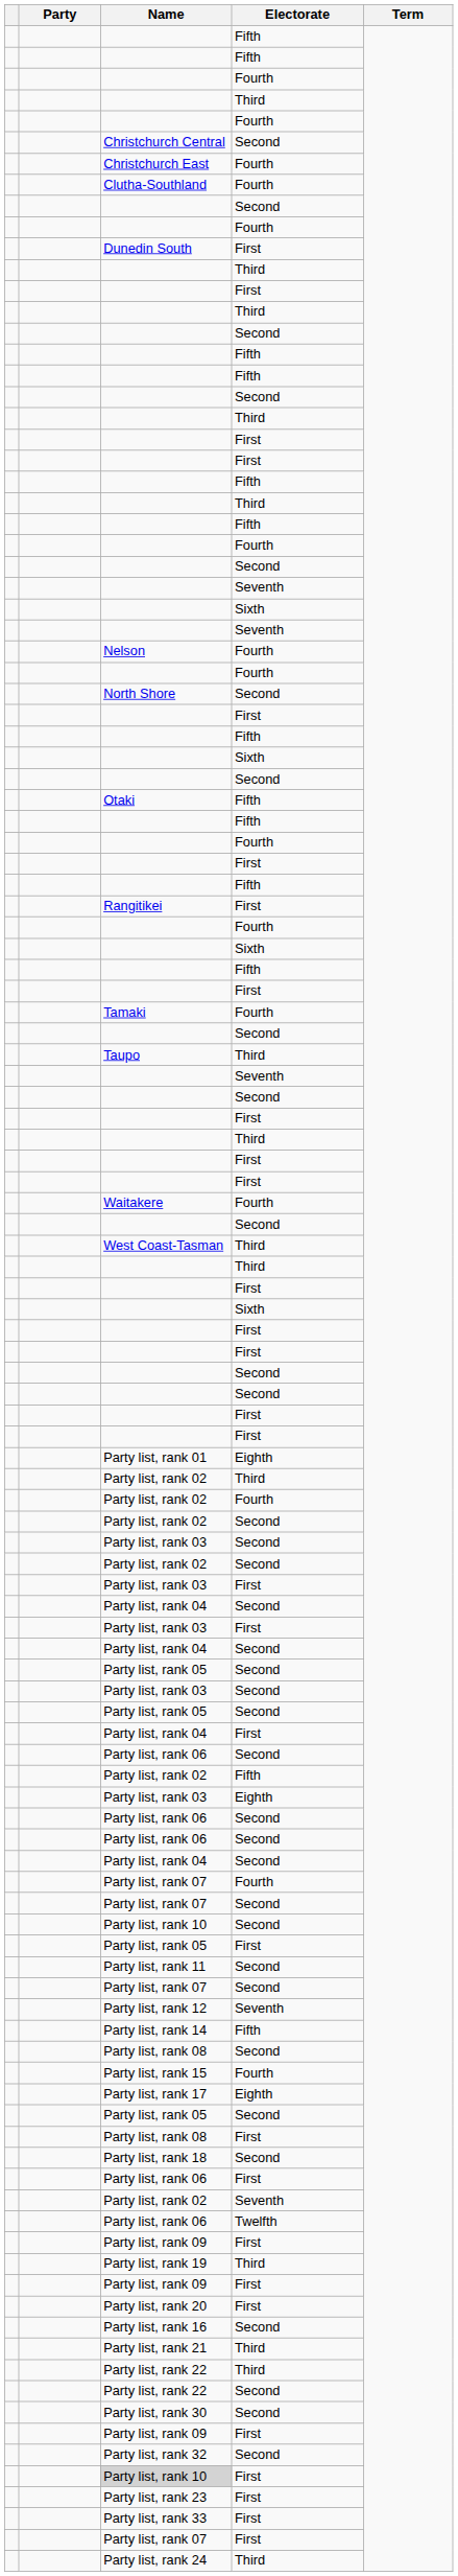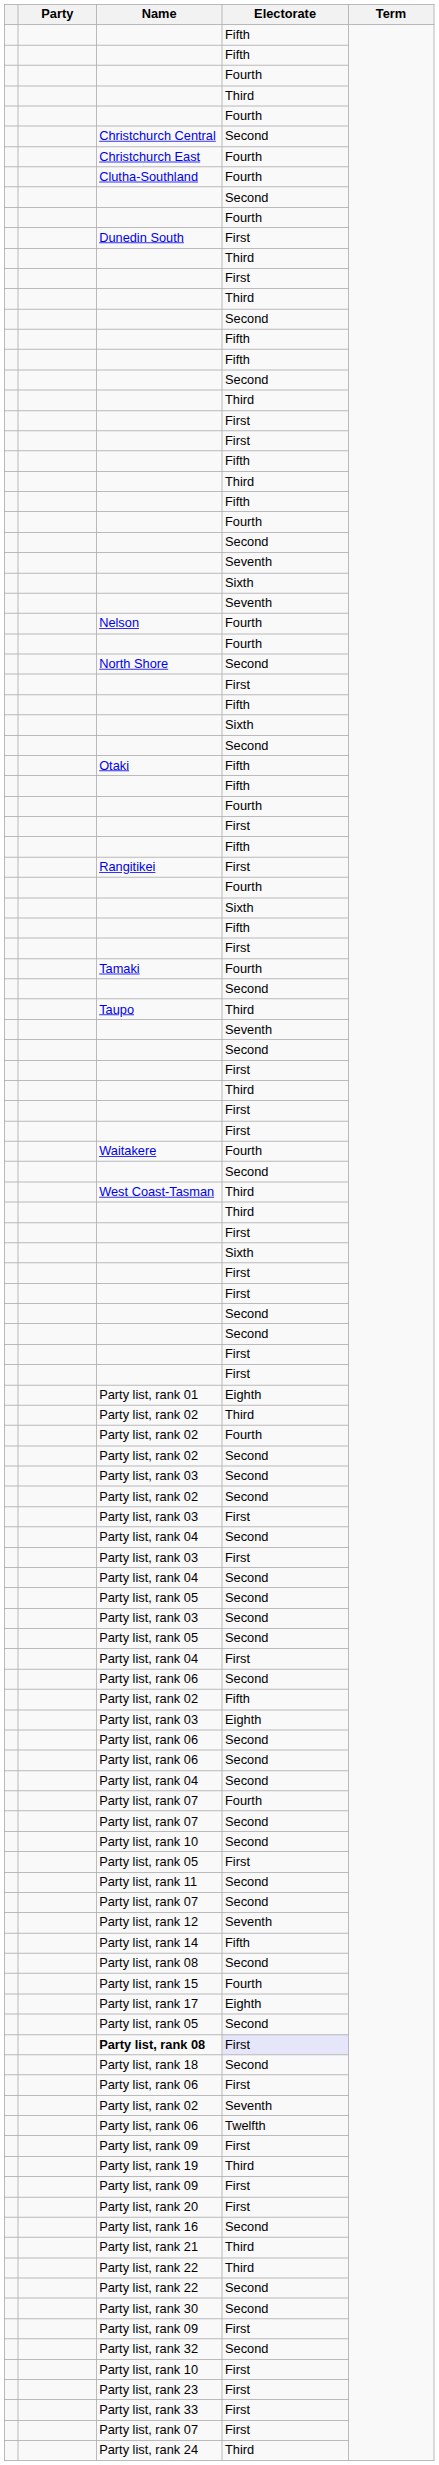 <table class="wikitable sortable">
 <tr>
 <th width=10  class=unsortable></th>
 <th width=90>Party</th>
 <th width=150>Name</th>
 <th width=150>Electorate</th>
 <th width=100>Term</th>
 </tr>
 <tr>
 <td></td>
 <td></td>
 <td></td>
 <td>Fifth</td>
 </tr>
 <tr>
 <td></td>
 <td></td>
 <td></td>
 <td>Fifth</td>
 </tr>
 <tr>
 <td></td>
 <td></td>
 <td></td>
 <td>Fourth</td>
 </tr>
 <tr>
 <td></td>
 <td></td>
 <td></td>
 <td>Third</td>
 </tr>
 <tr>
 <td></td>
 <td></td>
 <td></td>
 <td>Fourth</td>
 </tr>
 <tr>
 <td></td>
 <td></td>
 <td><a href='#'>Christchurch Central</a></td>
 <td>Second</td>
 </tr>
 <tr>
 <td></td>
 <td></td>
 <td><a href='#'>Christchurch East</a></td>
 <td>Fourth</td>
 </tr>
 <tr>
 <td></td>
 <td></td>
 <td><a href='#'>Clutha-Southland</a></td>
 <td>Fourth</td>
 </tr>
 <tr>
 <td></td>
 <td></td>
 <td></td>
 <td>Second</td>
 </tr>
 <tr>
 <td></td>
 <td></td>
 <td></td>
 <td>Fourth</td>
 </tr>
 <tr>
 <td></td>
 <td></td>
 <td><a href='#'>Dunedin South</a></td>
 <td>First</td>
 </tr>
 <tr>
 <td></td>
 <td></td>
 <td></td>
 <td>Third</td>
 </tr>
 <tr>
 <td></td>
 <td></td>
 <td></td>
 <td>First</td>
 </tr>
 <tr>
 <td></td>
 <td></td>
 <td></td>
 <td>Third</td>
 </tr>
 <tr>
 <td></td>
 <td></td>
 <td></td>
 <td>Second</td>
 </tr>
 <tr>
 <td></td>
 <td></td>
 <td></td>
 <td>Fifth</td>
 </tr>
 <tr>
 <td></td>
 <td></td>
 <td></td>
 <td>Fifth</td>
 </tr>
 <tr>
 <td></td>
 <td></td>
 <td></td>
 <td>Second</td>
 </tr>
 <tr>
 <td></td>
 <td></td>
 <td></td>
 <td>Third</td>
 </tr>
 <tr>
 <td></td>
 <td></td>
 <td></td>
 <td>First</td>
 </tr>
 <tr>
 <td></td>
 <td></td>
 <td></td>
 <td>First</td>
 </tr>
 <tr>
 <td></td>
 <td></td>
 <td></td>
 <td>Fifth</td>
 </tr>
 <tr>
 <td></td>
 <td></td>
 <td></td>
 <td>Third</td>
 </tr>
 <tr>
 <td></td>
 <td></td>
 <td></td>
 <td>Fifth</td>
 </tr>
 <tr>
 <td></td>
 <td></td>
 <td></td>
 <td>Fourth</td>
 </tr>
 <tr>
 <td></td>
 <td></td>
 <td></td>
 <td>Second</td>
 </tr>
 <tr>
 <td></td>
 <td></td>
 <td></td>
 <td>Seventh</td>
 </tr>
 <tr>
 <td></td>
 <td></td>
 <td></td>
 <td>Sixth</td>
 </tr>
 <tr>
 <td></td>
 <td></td>
 <td></td>
 <td>Seventh</td>
 </tr>
 <tr>
 <td></td>
 <td></td>
 <td><a href='#'>Nelson</a></td>
 <td>Fourth</td>
 </tr>
 <tr>
 <td></td>
 <td></td>
 <td></td>
 <td>Fourth</td>
 </tr>
 <tr>
 <td></td>
 <td></td>
 <td><a href='#'>North Shore</a></td>
 <td>Second</td>
 </tr>
 <tr>
 <td></td>
 <td></td>
 <td></td>
 <td>First</td>
 </tr>
 <tr>
 <td></td>
 <td></td>
 <td></td>
 <td>Fifth</td>
 </tr>
 <tr>
 <td></td>
 <td></td>
 <td></td>
 <td>Sixth</td>
 </tr>
 <tr>
 <td></td>
 <td></td>
 <td></td>
 <td>Second</td>
 </tr>
 <tr>
 <td></td>
 <td></td>
 <td><a href='#'>Otaki</a></td>
 <td>Fifth</td>
 </tr>
 <tr>
 <td></td>
 <td></td>
 <td></td>
 <td>Fifth</td>
 </tr>
 <tr>
 <td></td>
 <td></td>
 <td></td>
 <td>Fourth</td>
 </tr>
 <tr>
 <td></td>
 <td></td>
 <td></td>
 <td>First</td>
 </tr>
 <tr>
 <td></td>
 <td></td>
 <td></td>
 <td>Fifth</td>
 </tr>
 <tr>
 <td></td>
 <td></td>
 <td><a href='#'>Rangitikei</a></td>
 <td>First</td>
 </tr>
 <tr>
 <td></td>
 <td></td>
 <td></td>
 <td>Fourth</td>
 </tr>
 <tr>
 <td></td>
 <td></td>
 <td></td>
 <td>Sixth</td>
 </tr>
 <tr>
 <td></td>
 <td></td>
 <td></td>
 <td>Fifth</td>
 </tr>
 <tr>
 <td></td>
 <td></td>
 <td></td>
 <td>First</td>
 </tr>
 <tr>
 <td></td>
 <td></td>
 <td><a href='#'>Tamaki</a></td>
 <td>Fourth</td>
 </tr>
 <tr>
 <td></td>
 <td></td>
 <td></td>
 <td>Second</td>
 </tr>
 <tr>
 <td></td>
 <td></td>
 <td><a href='#'>Taupo</a></td>
 <td>Third</td>
 </tr>
 <tr>
 <td></td>
 <td></td>
 <td></td>
 <td>Seventh</td>
 </tr>
 <tr>
 <td></td>
 <td></td>
 <td></td>
 <td>Second</td>
 </tr>
 <tr>
 <td></td>
 <td></td>
 <td></td>
 <td>First</td>
 </tr>
 <tr>
 <td></td>
 <td></td>
 <td></td>
 <td>Third</td>
 </tr>
 <tr>
 <td></td>
 <td></td>
 <td></td>
 <td>First</td>
 </tr>
 <tr>
 <td></td>
 <td></td>
 <td></td>
 <td>First</td>
 </tr>
 <tr>
 <td></td>
 <td></td>
 <td><a href='#'>Waitakere</a></td>
 <td>Fourth</td>
 </tr>
 <tr>
 <td></td>
 <td></td>
 <td></td>
 <td>Second</td>
 </tr>
 <tr>
 <td></td>
 <td></td>
 <td><a href='#'>West Coast-Tasman</a></td>
 <td>Third</td>
 </tr>
 <tr>
 <td></td>
 <td></td>
 <td></td>
 <td>Third</td>
 </tr>
 <tr>
 <td></td>
 <td></td>
 <td></td>
 <td>First</td>
 </tr>
 <tr>
 <td></td>
 <td></td>
 <td></td>
 <td>Sixth</td>
 </tr>
 <tr>
 <td></td>
 <td></td>
 <td> </td>
 <td>First</td>
 </tr>
 <tr>
 <td></td>
 <td></td>
 <td> </td>
 <td>First</td>
 </tr>
 <tr>
 <td></td>
 <td></td>
 <td> </td>
 <td>Second</td>
 </tr>
 <tr>
 <td></td>
 <td></td>
 <td></td>
 <td>Second</td>
 </tr>
 <tr>
 <td></td>
 <td></td>
 <td> </td>
 <td>First</td>
 </tr>
 <tr>
 <td></td>
 <td></td>
 <td> </td>
 <td>First</td>
 </tr>
 <tr>
 <td></td>
 <td></td>
 <td> Party list, rank 01</td>
 <td>Eighth</td>
 </tr>
 <tr>
 <td></td>
 <td></td>
 <td> Party list, rank 02</td>
 <td>Third</td>
 </tr>
 <tr>
 <td></td>
 <td></td>
 <td> Party list, rank 02</td>
 <td>Fourth</td>
 </tr>
 <tr>
 <td></td>
 <td></td>
 <td> Party list, rank 02</td>
 <td>Second</td>
 </tr>
 <tr>
 <td></td>
 <td></td>
 <td> Party list, rank 03</td>
 <td>Second</td>
 </tr>
 <tr>
 <td></td>
 <td></td>
 <td> Party list, rank 02</td>
 <td>Second</td>
 </tr>
 <tr>
 <td></td>
 <td></td>
 <td> Party list, rank 03</td>
 <td>First</td>
 </tr>
 <tr>
 <td></td>
 <td></td>
 <td> Party list, rank 04</td>
 <td>Second</td>
 </tr>
 <tr>
 <td></td>
 <td></td>
 <td> Party list, rank 03</td>
 <td>First</td>
 </tr>
 <tr>
 <td></td>
 <td></td>
 <td> Party list, rank 04</td>
 <td>Second</td>
 </tr>
 <tr>
 <td></td>
 <td></td>
 <td> Party list, rank 05</td>
 <td>Second</td>
 </tr>
 <tr>
 <td></td>
 <td></td>
 <td> Party list, rank 03</td>
 <td>Second</td>
 </tr>
 <tr>
 <td></td>
 <td></td>
 <td> Party list, rank 05</td>
 <td>Second</td>
 </tr>
 <tr>
 <td></td>
 <td></td>
 <td> Party list, rank 04</td>
 <td>First</td>
 </tr>
 <tr>
 <td></td>
 <td></td>
 <td> Party list, rank 06</td>
 <td>Second</td>
 </tr>
 <tr>
 <td></td>
 <td></td>
 <td> Party list, rank 02</td>
 <td>Fifth</td>
 </tr>
 <tr>
 <td></td>
 <td></td>
 <td> Party list, rank 03</td>
 <td>Eighth</td>
 </tr>
 <tr>
 <td></td>
 <td></td>
 <td> Party list, rank 06</td>
 <td>Second</td>
 </tr>
 <tr>
 <td></td>
 <td></td>
 <td> Party list, rank 06</td>
 <td>Second</td>
 </tr>
 <tr>
 <td></td>
 <td></td>
 <td> Party list, rank 04</td>
 <td>Second</td>
 </tr>
 <tr>
 <td></td>
 <td></td>
 <td> Party list, rank 07</td>
 <td>Fourth</td>
 </tr>
 <tr>
 <td></td>
 <td></td>
 <td> Party list, rank 07</td>
 <td>Second</td>
 </tr>
 <tr>
 <td></td>
 <td></td>
 <td> Party list, rank 10</td>
 <td>Second</td>
 </tr>
 <tr>
 <td></td>
 <td></td>
 <td> Party list, rank 05</td>
 <td>First</td>
 </tr>
 <tr>
 <td></td>
 <td></td>
 <td> Party list, rank 11</td>
 <td>Second</td>
 </tr>
 <tr>
 <td></td>
 <td></td>
 <td> Party list, rank 07</td>
 <td>Second</td>
 </tr>
 <tr>
 <td></td>
 <td></td>
 <td> Party list, rank 12</td>
 <td>Seventh</td>
 </tr>
 <tr>
 <td></td>
 <td></td>
 <td> Party list, rank 14</td>
 <td>Fifth</td>
 </tr>
 <tr>
 <td></td>
 <td></td>
 <td> Party list, rank 08</td>
 <td>Second</td>
 </tr>
 <tr>
 <td></td>
 <td></td>
 <td> Party list, rank 15</td>
 <td>Fourth</td>
 </tr>
 <tr>
 <td></td>
 <td></td>
 <td> Party list, rank 17</td>
 <td>Eighth</td>
 </tr>
 <tr>
 <td></td>
 <td></td>
 <td> Party list, rank 05</td>
 <td>Second</td>
 </tr>
 <tr>
 <td></td>
 <td></td>
-<td> Party list, rank 08</td>
-<td>First</td>
+<td><strong> Party list, rank 08</strong></td>
+<td style="background: lavender;">First</td>
 </tr>
 <tr>
 <td></td>
 <td></td>
 <td> Party list, rank 18</td>
 <td>Second</td>
 </tr>
 <tr>
 <td></td>
 <td></td>
 <td> Party list, rank 06</td>
 <td>First</td>
 </tr>
 <tr>
 <td></td>
 <td></td>
 <td> Party list, rank 02</td>
 <td>Seventh</td>
 </tr>
 <tr>
 <td></td>
 <td></td>
 <td> Party list, rank 06</td>
 <td>Twelfth</td>
 </tr>
 <tr>
 <td></td>
 <td></td>
 <td> Party list, rank 09</td>
 <td>First</td>
 </tr>
 <tr>
 <td></td>
 <td></td>
 <td> Party list, rank 19</td>
 <td>Third</td>
 </tr>
 <tr>
 <td></td>
 <td></td>
 <td> Party list, rank 09</td>
 <td>First</td>
 </tr>
 <tr>
 <td></td>
 <td></td>
 <td> Party list, rank 20</td>
 <td>First</td>
 </tr>
 <tr>
 <td></td>
 <td></td>
 <td> Party list, rank 16</td>
 <td>Second</td>
 </tr>
 <tr>
 <td></td>
 <td></td>
 <td> Party list, rank 21</td>
 <td>Third</td>
 </tr>
 <tr>
 <td></td>
 <td></td>
 <td> Party list, rank 22</td>
 <td>Third</td>
 </tr>
 <tr>
 <td></td>
 <td></td>
 <td> Party list, rank 22</td>
 <td>Second</td>
 </tr>
 <tr>
 <td></td>
 <td></td>
 <td> Party list, rank 30</td>
 <td>Second</td>
 </tr>
 <tr>
 <td></td>
 <td></td>
 <td> Party list, rank 09</td>
 <td>First</td>
 </tr>
 <tr>
 <td></td>
 <td></td>
 <td> Party list, rank 32</td>
 <td>Second</td>
 </tr>
 <tr>
 <td></td>
 <td></td>
-<td style="background: lightgrey;"> Party list, rank 10</td>
+<td> Party list, rank 10</td>
 <td>First</td>
 </tr>
 <tr>
 <td></td>
 <td></td>
 <td> Party list, rank 23</td>
 <td>First</td>
 </tr>
 <tr>
 <td></td>
 <td></td>
 <td> Party list, rank 33</td>
 <td>First</td>
 </tr>
 <tr>
 <td></td>
 <td></td>
 <td> Party list, rank 07</td>
 <td>First</td>
 </tr>
 <tr>
 <td></td>
 <td></td>
 <td> Party list, rank 24</td>
 <td>Third</td>
 </tr>
 </table>
